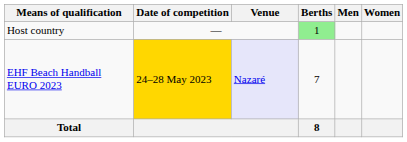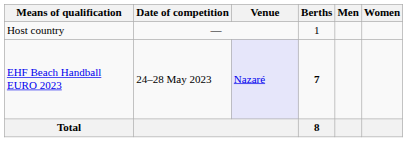 <table class="wikitable">
 <tr>
 <th width=180>Means of qualification</th>
 <th>Date of competition</th>
 <th width=90>Venue</th>
 <th>Berths</th>
 <th>Men</th>
 <th>Women</th>
 </tr>
 <tr>
 <td>Host country</td>
 <td colspan=2 align=center>—</td>
-<td align=center style="background: lightgreen;">1</td>
+<td align=center>1</td>
 <td></td>
 <td></td>
 </tr>
 <tr>
 <td><a href='#'>EHF Beach Handball EURO 2023</a></td>
-<td style="background: gold;">24–28 May 2023</td>
+<td>24–28 May 2023</td>
 <td style="background: lavender;"> <a href='#'>Nazaré</a></td>
-<td align=center>7</td>
+<td align=center><strong>7</strong></td>
 <td><br><br><br><br><br><br></td>
 <td><br><br><br><br><br><br></td>
 </tr>
 <tr>
 <th>Total</th>
 <th colspan=2></th>
 <th>8</th>
 <th></th>
 <th></th>
 </tr>
 </table>
